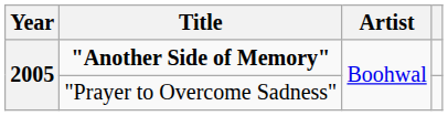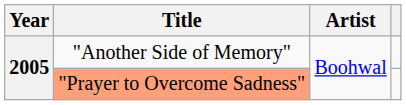 <table class="wikitable plainrowheaders" style="text-align:center">
 <tr>
 <th>Year</th>
 <th>Title</th>
 <th>Artist</th>
 <th class="unsortable"></th>
 </tr>
 <tr>
 <th scope="row" rowspan="2">2005</th>
-<td><strong>"Another Side of Memory" </strong></td>
+<td>"Another Side of Memory" </td>
 <td rowspan="2"><a href='#'>Boohwal</a></td>
 <td></td>
 </tr>
 <tr>
-<td>"Prayer to Overcome Sadness" </td>
+<td style="background: lightsalmon;">"Prayer to Overcome Sadness" </td>
 <td></td>
 </tr>
 </table>
